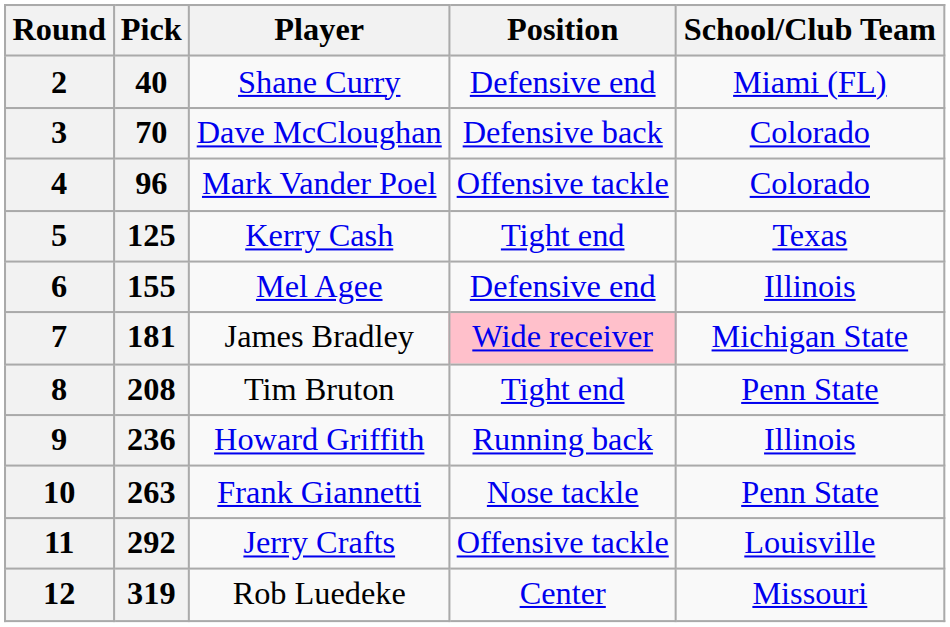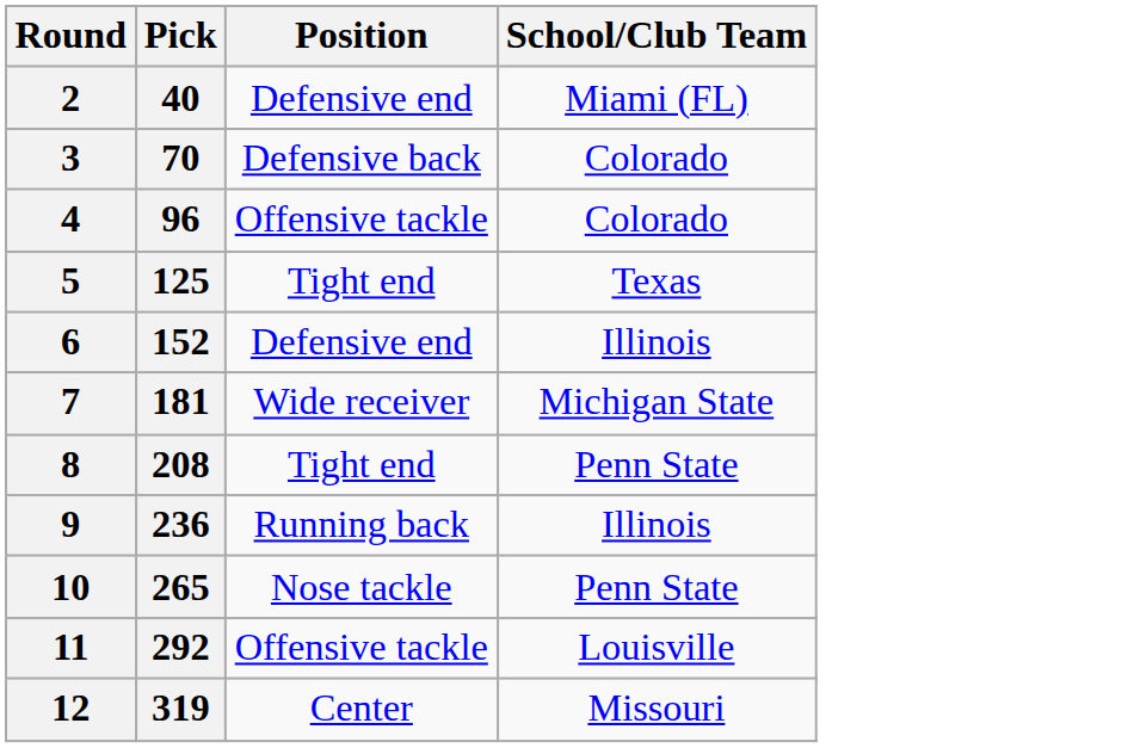 <table class="wikitable sortable sortable" style="text-align:center;">
 <tr>
 <th>Round</th>
 <th>Pick</th>
-<th>Player</th>
 <th>Position</th>
 <th>School/Club Team</th>
 </tr>
 <tr>
 <th>2</th>
 <th>40</th>
-<td><a href='#'>Shane Curry</a></td>
 <td><a href='#'>Defensive end</a></td>
 <td><a href='#'>Miami (FL)</a></td>
 </tr>
 <tr>
 <th>3</th>
 <th>70</th>
-<td><a href='#'>Dave McCloughan</a></td>
 <td><a href='#'>Defensive back</a></td>
 <td><a href='#'>Colorado</a></td>
 </tr>
 <tr>
 <th>4</th>
 <th>96</th>
-<td><a href='#'>Mark Vander Poel</a></td>
 <td><a href='#'>Offensive tackle</a></td>
 <td><a href='#'>Colorado</a></td>
 </tr>
 <tr>
 <th>5</th>
 <th>125</th>
-<td><a href='#'>Kerry Cash</a></td>
 <td><a href='#'>Tight end</a></td>
 <td><a href='#'>Texas</a></td>
 </tr>
 <tr>
 <th>6</th>
-<th>155</th>
-<td><a href='#'>Mel Agee</a></td>
+<th>152</th>
 <td><a href='#'>Defensive end</a></td>
 <td><a href='#'>Illinois</a></td>
 </tr>
 <tr>
 <th>7</th>
 <th>181</th>
-<td>James Bradley</td>
-<td style="background: pink;"><a href='#'>Wide receiver</a></td>
+<td><a href='#'>Wide receiver</a></td>
 <td><a href='#'>Michigan State</a></td>
 </tr>
 <tr>
 <th>8</th>
 <th>208</th>
-<td>Tim Bruton</td>
 <td><a href='#'>Tight end</a></td>
 <td><a href='#'>Penn State</a></td>
 </tr>
 <tr>
 <th>9</th>
 <th>236</th>
-<td><a href='#'>Howard Griffith</a></td>
 <td><a href='#'>Running back</a></td>
 <td><a href='#'>Illinois</a></td>
 </tr>
 <tr>
 <th>10</th>
-<th>263</th>
-<td><a href='#'>Frank Giannetti</a></td>
+<th>265</th>
 <td><a href='#'>Nose tackle</a></td>
 <td><a href='#'>Penn State</a></td>
 </tr>
 <tr>
 <th>11</th>
 <th>292</th>
-<td><a href='#'>Jerry Crafts</a></td>
 <td><a href='#'>Offensive tackle</a></td>
 <td><a href='#'>Louisville</a></td>
 </tr>
 <tr>
 <th>12</th>
 <th>319</th>
-<td>Rob Luedeke</td>
 <td><a href='#'>Center</a></td>
 <td><a href='#'>Missouri</a></td>
 </tr>
 </table>
